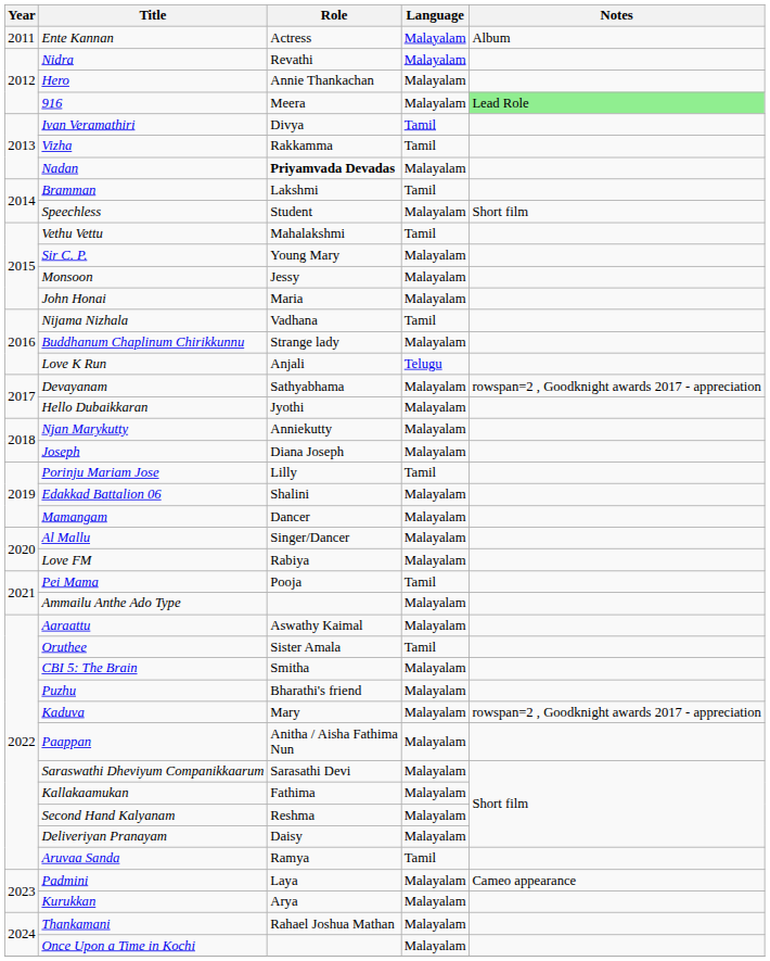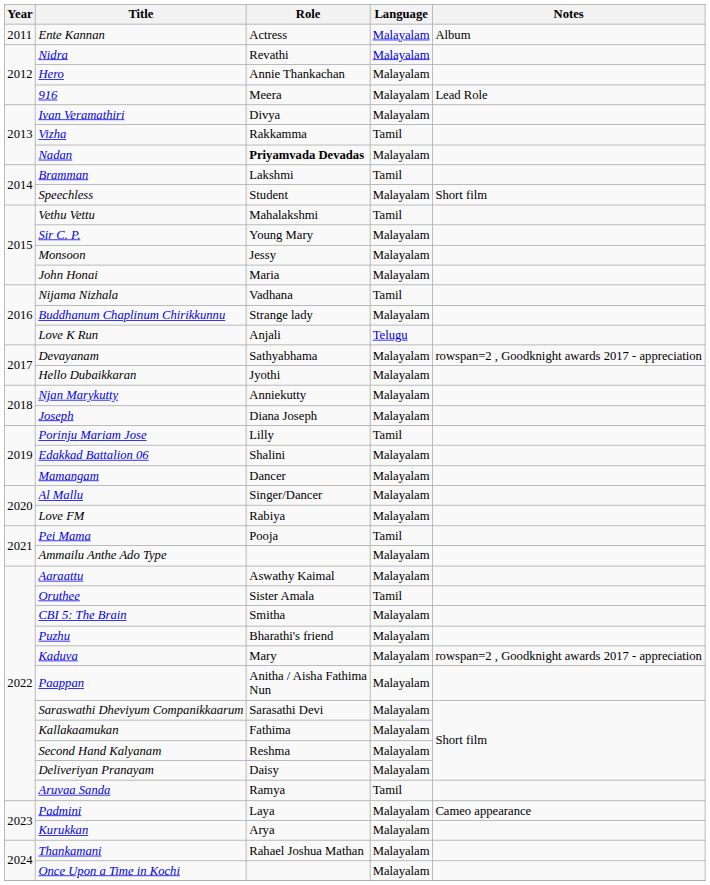 <table class="wikitable sortable">
 <tr>
 <th>Year</th>
 <th>Title</th>
 <th>Role</th>
 <th>Language</th>
 <th class="unsortable">Notes</th>
 </tr>
 <tr>
 <td>2011</td>
 <td><em>Ente Kannan</em></td>
 <td>Actress</td>
 <td><a href='#'>Malayalam</a></td>
 <td>Album</td>
 </tr>
 <tr>
 <td rowspan="3">2012</td>
 <td><em><a href='#'>Nidra</a></em></td>
 <td>Revathi</td>
 <td><a href='#'>Malayalam</a></td>
 <td></td>
 </tr>
 <tr>
 <td><em><a href='#'>Hero</a></em></td>
 <td>Annie Thankachan</td>
 <td>Malayalam</td>
 <td></td>
 </tr>
 <tr>
 <td><em><a href='#'>916</a></em></td>
 <td>Meera</td>
 <td>Malayalam</td>
-<td style="background: lightgreen;">Lead Role</td>
+<td>Lead Role</td>
 </tr>
 <tr>
 <td rowspan="3">2013</td>
 <td><em><a href='#'>Ivan Veramathiri</a></em></td>
 <td>Divya</td>
-<td><a href='#'>Tamil</a></td>
+<td>Malayalam</td>
 <td></td>
 </tr>
 <tr>
 <td><em><a href='#'>Vizha</a></em></td>
 <td>Rakkamma</td>
 <td>Tamil</td>
 <td></td>
 </tr>
 <tr>
 <td><em><a href='#'>Nadan</a></em></td>
 <td><strong>Priyamvada Devadas</strong></td>
 <td>Malayalam</td>
 <td></td>
 </tr>
 <tr>
 <td rowspan=2>2014</td>
 <td><em><a href='#'>Bramman</a></em></td>
 <td>Lakshmi</td>
 <td>Tamil</td>
 <td></td>
 </tr>
 <tr>
 <td><em>Speechless</em></td>
 <td>Student</td>
 <td>Malayalam</td>
 <td>Short film</td>
 </tr>
 <tr>
 <td rowspan="4">2015</td>
 <td><em>Vethu Vettu </em></td>
 <td>Mahalakshmi</td>
 <td>Tamil</td>
 <td></td>
 </tr>
 <tr>
 <td><em><a href='#'>Sir C. P.</a></em></td>
 <td>Young Mary</td>
 <td>Malayalam</td>
 <td></td>
 </tr>
 <tr>
 <td><em>Monsoon</em></td>
 <td>Jessy</td>
 <td>Malayalam</td>
 <td></td>
 </tr>
 <tr>
 <td><em>John Honai</em></td>
 <td>Maria</td>
 <td>Malayalam</td>
 <td></td>
 </tr>
 <tr>
 <td rowspan="3">2016</td>
 <td><em>Nijama Nizhala</em></td>
 <td>Vadhana</td>
 <td>Tamil</td>
 <td></td>
 </tr>
 <tr>
 <td><em><a href='#'>Buddhanum Chaplinum Chirikkunnu</a></em></td>
 <td>Strange lady</td>
 <td>Malayalam</td>
 <td></td>
 </tr>
 <tr>
 <td><em>Love K Run</em></td>
 <td>Anjali</td>
 <td><a href='#'>Telugu</a></td>
 <td></td>
 </tr>
 <tr>
 <td rowspan="2">2017</td>
 <td><em>Devayanam</em></td>
 <td>Sathyabhama</td>
 <td>Malayalam</td>
 <td>rowspan=2  , Goodknight awards 2017 - appreciation</td>
 </tr>
 <tr>
 <td><em>Hello Dubaikkaran</em></td>
 <td>Jyothi</td>
 <td>Malayalam</td>
 </tr>
 <tr>
 <td rowspan="2">2018</td>
 <td><em><a href='#'>Njan Marykutty</a></em></td>
 <td>Anniekutty</td>
 <td>Malayalam</td>
 <td></td>
 </tr>
 <tr>
 <td><em><a href='#'>Joseph</a></em></td>
 <td>Diana Joseph</td>
 <td>Malayalam</td>
 <td></td>
 </tr>
 <tr>
 <td rowspan="3">2019</td>
 <td><em><a href='#'>Porinju Mariam Jose</a></em></td>
 <td>Lilly</td>
 <td>Tamil</td>
 <td></td>
 </tr>
 <tr>
 <td><em><a href='#'>Edakkad Battalion 06</a></em></td>
 <td>Shalini</td>
 <td>Malayalam</td>
 <td></td>
 </tr>
 <tr>
 <td><em><a href='#'>Mamangam</a></em></td>
 <td>Dancer</td>
 <td>Malayalam</td>
 <td></td>
 </tr>
 <tr>
 <td rowspan="2">2020</td>
 <td><em><a href='#'>Al Mallu</a></em></td>
 <td>Singer/Dancer</td>
 <td>Malayalam</td>
 <td></td>
 </tr>
 <tr>
 <td><em>Love FM</em></td>
 <td>Rabiya</td>
 <td>Malayalam</td>
 <td></td>
 </tr>
 <tr>
 <td rowspan="2">2021</td>
 <td><em><a href='#'>Pei Mama</a></em></td>
 <td>Pooja</td>
 <td>Tamil</td>
 <td></td>
 </tr>
 <tr>
 <td><em>Ammailu Anthe Ado Type</em></td>
 <td></td>
 <td>Malayalam</td>
 <td></td>
 </tr>
 <tr>
 <td rowspan=11>2022</td>
 <td><em><a href='#'>Aaraattu</a></em></td>
 <td>Aswathy Kaimal</td>
 <td>Malayalam</td>
 <td></td>
 </tr>
 <tr>
 <td><em><a href='#'>Oruthee</a></em></td>
 <td>Sister Amala</td>
 <td>Tamil</td>
 <td></td>
 </tr>
 <tr>
 <td><em><a href='#'>CBI 5: The Brain</a></em></td>
 <td>Smitha</td>
 <td>Malayalam</td>
 <td></td>
 </tr>
 <tr>
 <td><em><a href='#'>Puzhu</a></em></td>
 <td>Bharathi's friend</td>
 <td>Malayalam</td>
 <td></td>
 </tr>
 <tr>
 <td><em><a href='#'>Kaduva</a></em></td>
 <td>Mary</td>
 <td>Malayalam</td>
 <td>rowspan=2  , Goodknight awards 2017 - appreciation</td>
 </tr>
 <tr>
 <td><em><a href='#'>Paappan</a></em></td>
 <td>Anitha / Aisha Fathima <br> Nun</td>
 <td>Malayalam</td>
 <td></td>
 </tr>
 <tr>
 <td><em>Saraswathi Dheviyum Companikkaarum</em></td>
 <td>Sarasathi Devi</td>
 <td>Malayalam</td>
 <td rowspan="4">Short film</td>
 </tr>
 <tr>
 <td><em>Kallakaamukan</em></td>
 <td>Fathima</td>
 <td>Malayalam</td>
 </tr>
 <tr>
 <td><em>Second Hand Kalyanam</em></td>
 <td>Reshma</td>
 <td>Malayalam</td>
 </tr>
 <tr>
 <td><em>Deliveriyan Pranayam</em></td>
 <td>Daisy</td>
 <td>Malayalam</td>
 </tr>
 <tr>
 <td><em><a href='#'>Aruvaa Sanda</a></em></td>
 <td>Ramya</td>
 <td>Tamil</td>
 <td></td>
 </tr>
 <tr>
 <td rowspan="2">2023</td>
 <td><em><a href='#'>Padmini</a></em></td>
 <td>Laya</td>
 <td>Malayalam</td>
 <td>Cameo appearance</td>
 </tr>
 <tr>
 <td><em><a href='#'>Kurukkan</a></em></td>
 <td>Arya</td>
 <td>Malayalam</td>
 <td></td>
 </tr>
 <tr>
 <td rowspan=2>2024</td>
 <td><em><a href='#'>Thankamani</a></em></td>
 <td>Rahael Joshua Mathan</td>
 <td>Malayalam</td>
 <td></td>
 </tr>
 <tr>
 <td><em><a href='#'>Once Upon a Time in Kochi</a></em></td>
 <td></td>
 <td>Malayalam</td>
 <td></td>
 </tr>
 <tr>
 </tr>
 </table>
